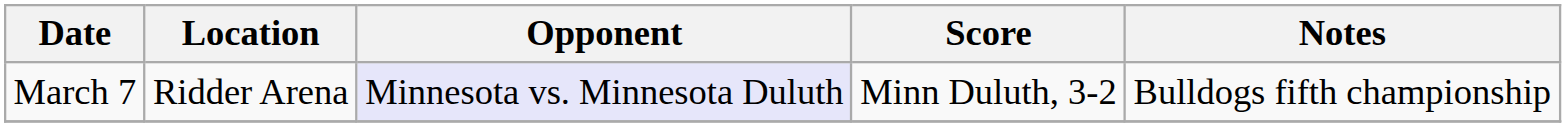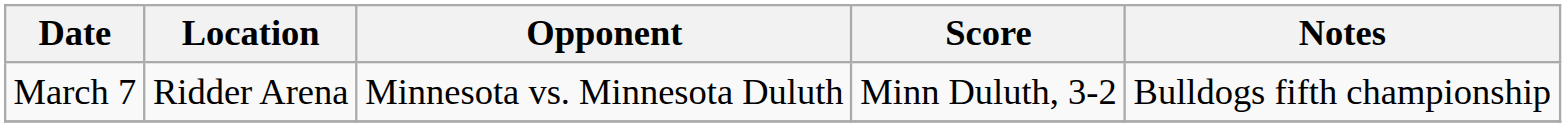 <table class="wikitable">
 <tr>
 <th>Date</th>
 <th>Location</th>
 <th>Opponent</th>
 <th>Score</th>
 <th>Notes</th>
 </tr>
 <tr>
 <td>March 7</td>
 <td>Ridder Arena</td>
-<td style="background: lavender;">Minnesota vs. Minnesota Duluth</td>
+<td>Minnesota vs. Minnesota Duluth</td>
 <td>Minn Duluth, 3-2</td>
 <td>Bulldogs fifth championship</td>
 </tr>
 <tr>
 </tr>
 </table>
